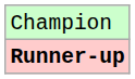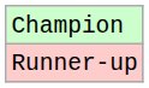 <table class="wikitable">
 <tr style="background:#cfc;">
 <td>Champion</td>
 </tr>
 <tr style="background:#fcc;">
-<td><strong>Runner-up</strong></td>
+<td>Runner-up</td>
 </tr>
 </table>
